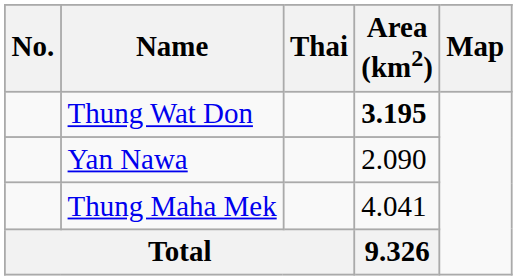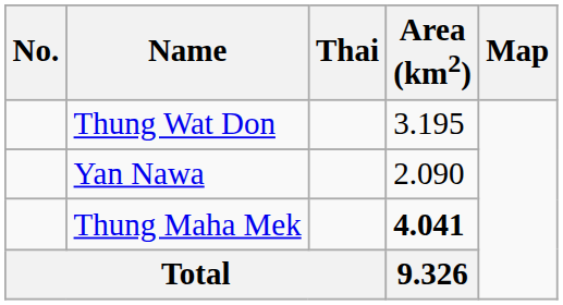 <table class="wikitable sortable">
 <tr>
 <th>No.</th>
 <th>Name</th>
 <th>Thai</th>
 <th>Area<br>(km<sup>2</sup>)</th>
 <th>Map</th>
 </tr>
 <tr>
 <td></td>
 <td><a href='#'>Thung Wat Don</a></td>
 <td></td>
-<td><strong><div>3.195</div></strong></td>
+<td><div>3.195</div></td>
 <td rowspan=4></td>
 </tr>
 <tr>
 <td></td>
 <td><a href='#'>Yan Nawa</a></td>
 <td></td>
 <td><div>2.090</div></td>
 </tr>
 <tr>
 <td></td>
 <td><a href='#'>Thung Maha Mek</a></td>
 <td></td>
-<td><div>4.041</div></td>
+<td><strong><div>4.041</div></strong></td>
 </tr>
 <tr>
 <th colspan=3>Total</th>
 <th><div>9.326</div></th>
 </tr>
 </table>
